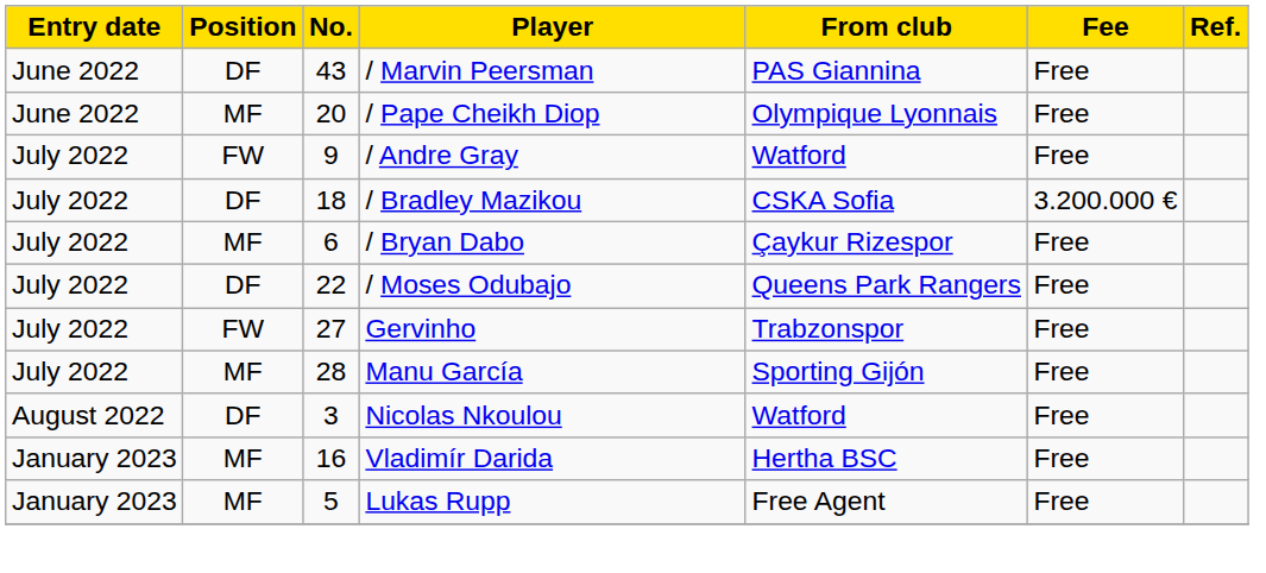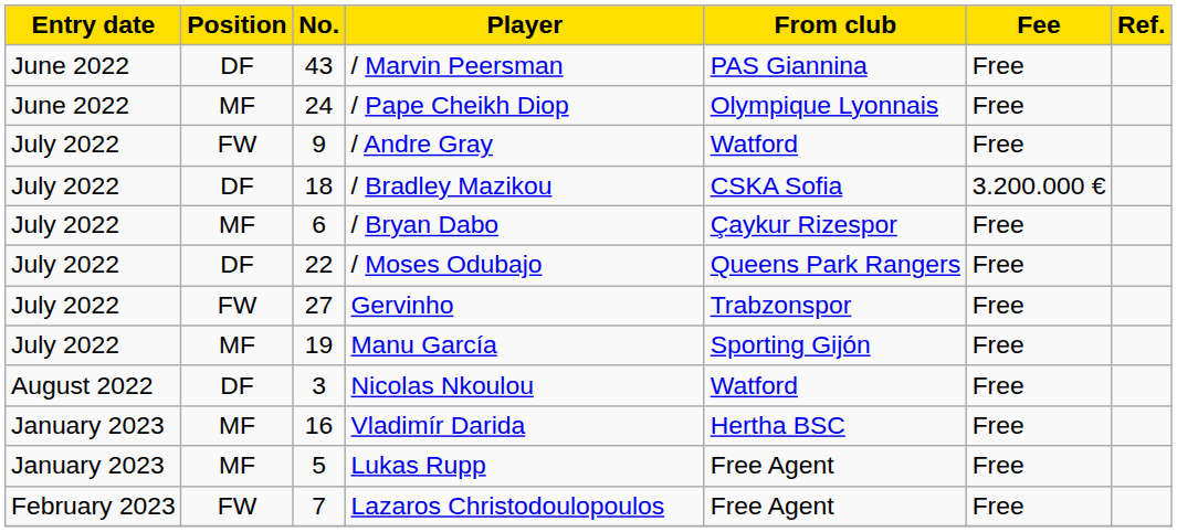 <table class="wikitable sortable">
 <tr>
 <th style="background:#FFDF00; color:black;"><strong>Entry date</strong></th>
 <th style="background:#FFDF00; color:black;"><strong>Position</strong></th>
 <th style="background:#FFDF00; color:black;"><strong>No.</strong></th>
 <th style="background:#FFDF00; color:black;"; width=220><strong>Player</strong></th>
 <th style="background:#FFDF00; color:black;"><strong>From club</strong></th>
 <th style="background:#FFDF00; color:black;"><strong>Fee</strong></th>
 <th style="background:#FFDF00; color:black;"><strong>Ref.</strong></th>
 </tr>
 <tr>
 <td>June 2022</td>
 <td style="text-align:center;">DF</td>
 <td style="text-align:center;">43</td>
 <td style="text-align:left;"> /  <a href='#'>Marvin Peersman</a></td>
 <td style="text-align:left;"> <a href='#'>PAS Giannina</a></td>
 <td>Free</td>
 <td></td>
 </tr>
 <tr>
 <td>June 2022</td>
 <td style="text-align:center;">MF</td>
-<td style="text-align:center;">20</td>
+<td style="text-align:center;">24</td>
 <td style="text-align:left;"> /  <a href='#'>Pape Cheikh Diop</a></td>
 <td style="text-align:left;"> <a href='#'>Olympique Lyonnais</a></td>
 <td>Free</td>
 <td></td>
 </tr>
 <tr>
 <td>July 2022</td>
 <td style="text-align:center;">FW</td>
 <td style="text-align:center;">9</td>
 <td style="text-align:left;"> /  <a href='#'>Andre Gray</a></td>
 <td style="text-align:left;"> <a href='#'>Watford</a></td>
 <td>Free</td>
 <td></td>
 </tr>
 <tr>
 <td>July 2022</td>
 <td style="text-align:center;">DF</td>
 <td style="text-align:center;">18</td>
 <td style="text-align:left;"> /  <a href='#'>Bradley Mazikou</a></td>
 <td style="text-align:left;"> <a href='#'>CSKA Sofia</a></td>
 <td>3.200.000 €</td>
 <td></td>
 </tr>
 <tr>
 <td>July 2022</td>
 <td style="text-align:center;">MF</td>
 <td style="text-align:center;">6</td>
 <td style="text-align:left;"> /  <a href='#'>Bryan Dabo</a></td>
 <td style="text-align:left;"> <a href='#'>Çaykur Rizespor</a></td>
 <td>Free</td>
 <td></td>
 </tr>
 <tr>
 <td>July 2022</td>
 <td style="text-align:center;">DF</td>
 <td style="text-align:center;">22</td>
 <td style="text-align:left;"> /  <a href='#'>Moses Odubajo</a></td>
 <td style="text-align:left;"> <a href='#'>Queens Park Rangers</a></td>
 <td>Free</td>
 <td></td>
 </tr>
 <tr>
 <td>July 2022</td>
 <td style="text-align:center;">FW</td>
 <td style="text-align:center;">27</td>
 <td style="text-align:left;"> <a href='#'>Gervinho</a></td>
 <td style="text-align:left;"> <a href='#'>Trabzonspor</a></td>
 <td>Free</td>
 <td></td>
 </tr>
 <tr>
 <td>July 2022</td>
 <td style="text-align:center;">MF</td>
-<td style="text-align:center;">28</td>
+<td style="text-align:center;">19</td>
 <td style="text-align:left;"> <a href='#'>Manu García</a></td>
 <td style="text-align:left;"> <a href='#'>Sporting Gijón</a></td>
 <td>Free</td>
 <td></td>
 </tr>
 <tr>
 <td>August 2022</td>
 <td style="text-align:center;">DF</td>
 <td style="text-align:center;">3</td>
 <td style="text-align:left;"> <a href='#'>Nicolas Nkoulou</a></td>
 <td style="text-align:left;"> <a href='#'>Watford</a></td>
 <td>Free</td>
 <td></td>
 </tr>
 <tr>
 <td>January 2023</td>
 <td style="text-align:center;">MF</td>
 <td style="text-align:center;">16</td>
 <td style="text-align:left;"> <a href='#'>Vladimír Darida</a></td>
 <td style="text-align:left;"> <a href='#'>Hertha BSC</a></td>
 <td>Free</td>
 <td></td>
 </tr>
 <tr>
 <td>January 2023</td>
 <td style="text-align:center;">MF</td>
 <td style="text-align:center;">5</td>
 <td style="text-align:left;"> <a href='#'>Lukas Rupp</a></td>
 <td style="text-align:left;">Free Agent</td>
 <td>Free</td>
 <td></td>
 </tr>
 <tr>
+<td>February 2023</td>
+<td style="text-align:center;">FW</td>
+<td style="text-align:center;">7</td>
+<td style="text-align:left;"> <a href='#'>Lazaros Christodoulopoulos</a></td>
+<td style="text-align:left;">Free Agent</td>
+<td>Free</td>
+<td></td>
+</tr>
+<tr>
 </tr>
 </table>
